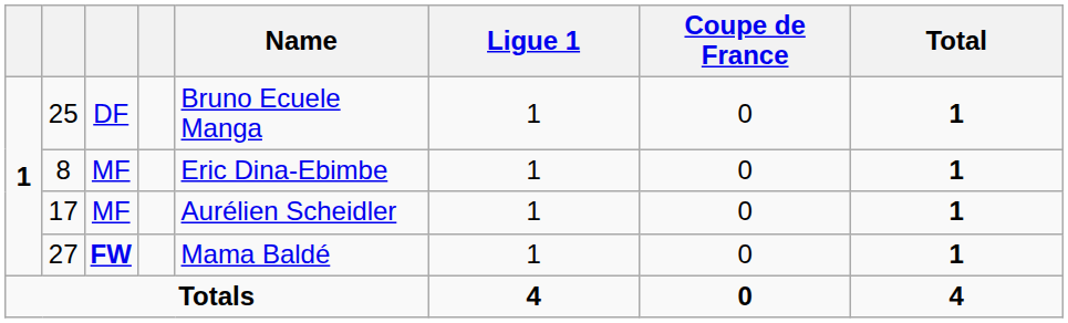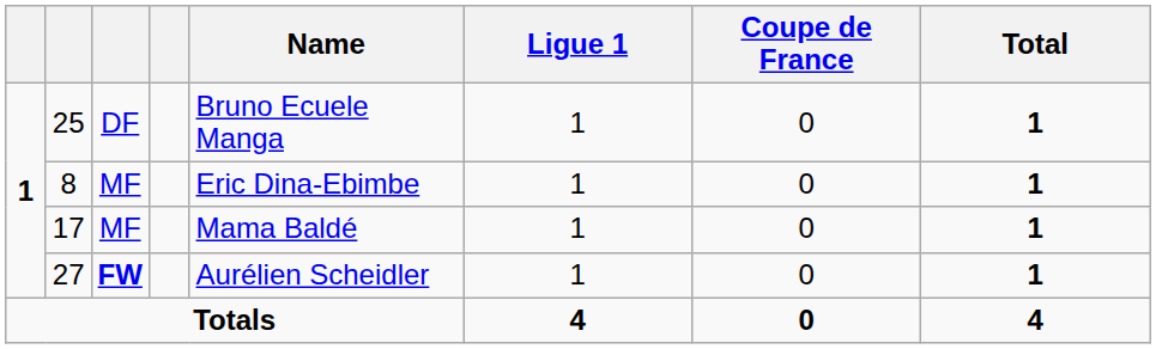 <table class="wikitable" style="text-align:center">
 <tr>
 <th width=15></th>
 <th width=15></th>
 <th width=15></th>
 <th width=15></th>
 <th width=145>Name</th>
 <th width=120><a href='#'>Ligue 1</a></th>
 <th width=120><a href='#'>Coupe de France</a></th>
 <th width=120>Total</th>
 </tr>
 <tr>
 <td rowspan=4><strong>1</strong></td>
 <td>25</td>
 <td><a href='#'>DF</a></td>
 <td></td>
 <td align=left><a href='#'>Bruno Ecuele Manga</a></td>
 <td>1</td>
 <td>0</td>
 <td><strong>1</strong></td>
 </tr>
 <tr>
 <td>8</td>
 <td><a href='#'>MF</a></td>
 <td></td>
 <td align=left><a href='#'>Eric Dina-Ebimbe</a></td>
 <td>1</td>
 <td>0</td>
 <td><strong>1</strong></td>
 </tr>
 <tr>
 <td>17</td>
 <td><a href='#'>MF</a></td>
 <td></td>
-<td align=left><a href='#'>Aurélien Scheidler</a></td>
+<td align=left><a href='#'>Mama Baldé</a></td>
 <td>1</td>
 <td>0</td>
 <td><strong>1</strong></td>
 </tr>
 <tr>
 <td>27</td>
 <td><strong><a href='#'>FW</a></strong></td>
 <td></td>
-<td align=left><a href='#'>Mama Baldé</a></td>
+<td align=left><a href='#'>Aurélien Scheidler</a></td>
 <td>1</td>
 <td>0</td>
 <td><strong>1</strong></td>
 </tr>
 <tr>
 <td colspan=5><strong>Totals</strong></td>
 <td><strong>4</strong></td>
 <td><strong>0</strong></td>
 <td><strong>4</strong></td>
 </tr>
 </table>
